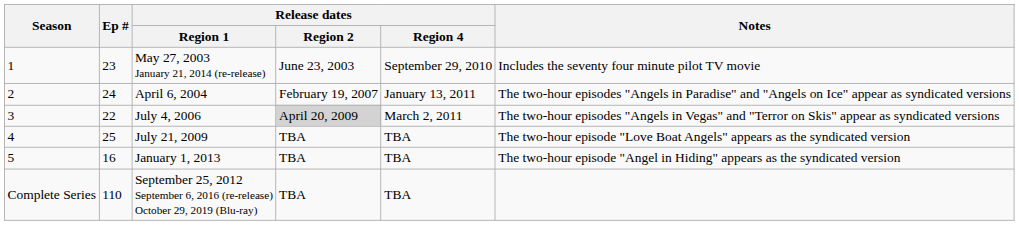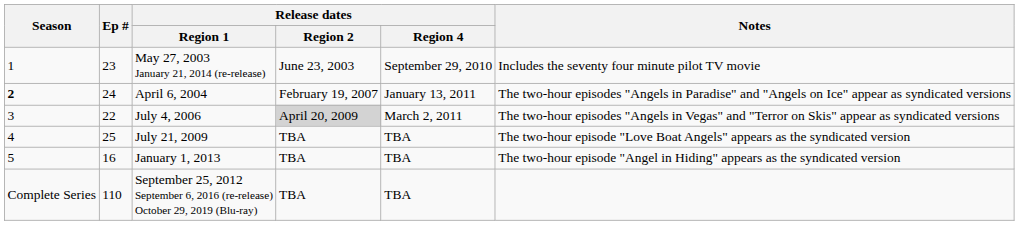 <table class="wikitable">
 <tr>
 <th rowspan=2>Season</th>
 <th rowspan=2>Ep #</th>
 <th colspan=3>Release dates</th>
 <th rowspan=2>Notes</th>
 </tr>
 <tr>
 <th>Region 1</th>
 <th>Region 2</th>
 <th>Region 4</th>
 </tr>
 <tr style="text-align: left">
 <td>1</td>
 <td>23</td>
 <td>May 27, 2003<br><small>January 21, 2014 (re-release)</small></td>
 <td>June 23, 2003</td>
 <td>September 29, 2010</td>
 <td>Includes the seventy four minute pilot TV movie</td>
 </tr>
 <tr style="text-align: left">
-<td>2</td>
+<td><strong>2</strong></td>
 <td>24</td>
 <td>April 6, 2004</td>
 <td>February 19, 2007</td>
 <td>January 13, 2011</td>
 <td>The two-hour episodes "Angels in Paradise" and "Angels on Ice" appear as syndicated versions</td>
 </tr>
 <tr style="text-align: left">
 <td>3</td>
 <td>22</td>
 <td>July 4, 2006</td>
 <td style="background: lightgrey;">April 20, 2009</td>
 <td>March 2, 2011</td>
 <td>The two-hour episodes "Angels in Vegas" and "Terror on Skis" appear as syndicated versions</td>
 </tr>
 <tr style="text-align: left">
 <td>4</td>
 <td>25</td>
 <td>July 21, 2009</td>
 <td>TBA</td>
 <td>TBA</td>
 <td>The two-hour episode "Love Boat Angels" appears as the syndicated version</td>
 </tr>
 <tr style="text-align: left">
 <td>5</td>
 <td>16</td>
 <td>January 1, 2013</td>
 <td>TBA</td>
 <td>TBA</td>
 <td>The two-hour episode "Angel in Hiding" appears as the syndicated version</td>
 </tr>
 <tr style="text-align: left">
 <td>Complete Series</td>
 <td>110</td>
 <td>September 25, 2012<br><small>September 6, 2016 (re-release)</small><br><small>October 29, 2019 (Blu-ray)</small></td>
 <td>TBA</td>
 <td>TBA</td>
 <td></td>
 </tr>
 </table>
